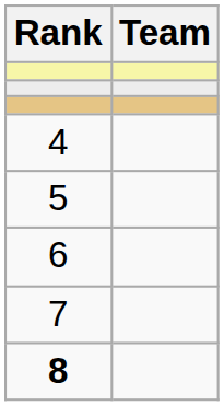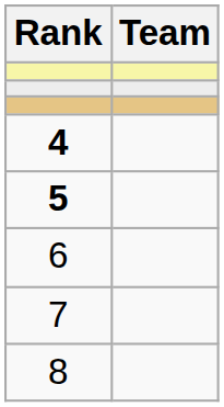 <table class=wikitable style="text-align:center;">
 <tr>
 <th>Rank</th>
 <th>Team</th>
 </tr>
 <tr bgcolor=#F7F6A8>
 <td></td>
 <td align=left></td>
 </tr>
 <tr bgcolor=#EDEDED>
 <td></td>
 <td align=left></td>
 </tr>
 <tr bgcolor=#E5C585>
 <td></td>
 <td align=left></td>
 </tr>
 <tr>
-<td>4</td>
+<td><strong>4</strong></td>
 <td align=left></td>
 </tr>
 <tr>
-<td>5</td>
+<td><strong>5</strong></td>
 <td align=left></td>
 </tr>
 <tr>
 <td>6</td>
 <td align=left></td>
 </tr>
 <tr>
 <td>7</td>
 <td align=left></td>
 </tr>
 <tr>
-<td><strong>8</strong></td>
+<td>8</td>
 <td align=left></td>
 </tr>
 </table>
